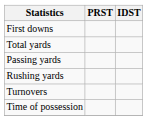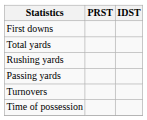 <table class="wikitable" style="float: left;">
 <tr>
 <th>Statistics</th>
 <th>PRST</th>
 <th>IDST</th>
 </tr>
 <tr>
 <td>First downs</td>
 <td></td>
 <td></td>
 </tr>
 <tr>
 <td>Total yards</td>
 <td></td>
 <td></td>
 </tr>
 <tr>
-<td>Passing yards</td>
+<td>Rushing yards</td>
 <td></td>
 <td></td>
 </tr>
 <tr>
-<td>Rushing yards</td>
+<td>Passing yards</td>
 <td></td>
 <td></td>
 </tr>
 <tr>
 <td>Turnovers</td>
 <td></td>
 <td></td>
 </tr>
 <tr>
 <td>Time of possession</td>
 <td></td>
 <td></td>
 </tr>
 <tr>
 </tr>
 </table>
